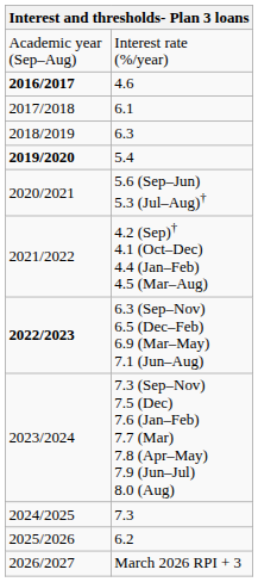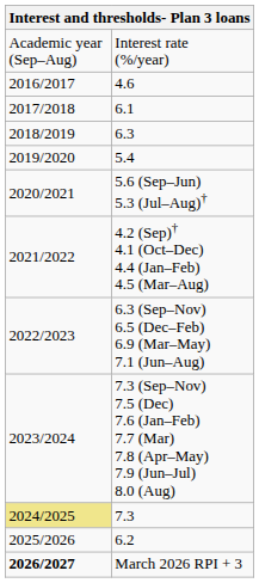 <table class="wikitable mw-collapsible mw-collapsed">
 <tr>
 <th colspan="4">Interest and thresholds- Plan 3 loans</th>
 </tr>
 <tr>
 <td>Academic year<br>(Sep–Aug)</td>
 <td>Interest rate<br>(%/year)</td>
 </tr>
 <tr>
-<td><strong>2016/2017</strong></td>
+<td>2016/2017</td>
 <td>4.6</td>
 </tr>
 <tr>
 <td>2017/2018</td>
 <td>6.1</td>
 </tr>
 <tr>
 <td>2018/2019</td>
 <td>6.3</td>
 </tr>
 <tr>
-<td><strong>2019/2020</strong></td>
+<td>2019/2020</td>
 <td>5.4</td>
 </tr>
 <tr>
 <td>2020/2021</td>
 <td>5.6 (Sep–Jun)<br>5.3 (Jul–Aug)<sup>†</sup></td>
 </tr>
 <tr>
 <td>2021/2022</td>
 <td>4.2 (Sep)<sup>†</sup><br>4.1 (Oct–Dec)<br>4.4 (Jan–Feb)<br>4.5 (Mar–Aug)</td>
 </tr>
 <tr>
-<td><strong>2022/2023</strong></td>
+<td>2022/2023</td>
 <td>6.3 (Sep–Nov)<br>6.5 (Dec–Feb)<br>6.9 (Mar–May)<br>7.1 (Jun–Aug)</td>
 </tr>
 <tr>
 <td>2023/2024</td>
 <td>7.3 (Sep–Nov)<br>7.5 (Dec)<br>7.6 (Jan–Feb)<br>7.7 (Mar)<br>7.8 (Apr–May)<br>7.9 (Jun–Jul)<br>8.0 (Aug)</td>
 </tr>
 <tr>
-<td>2024/2025</td>
+<td style="background: khaki;">2024/2025</td>
 <td>7.3</td>
 </tr>
 <tr>
 <td>2025/2026</td>
 <td>6.2</td>
 </tr>
 <tr>
-<td>2026/2027</td>
+<td><strong>2026/2027</strong></td>
 <td>March 2026 RPI + 3</td>
 </tr>
 </table>
